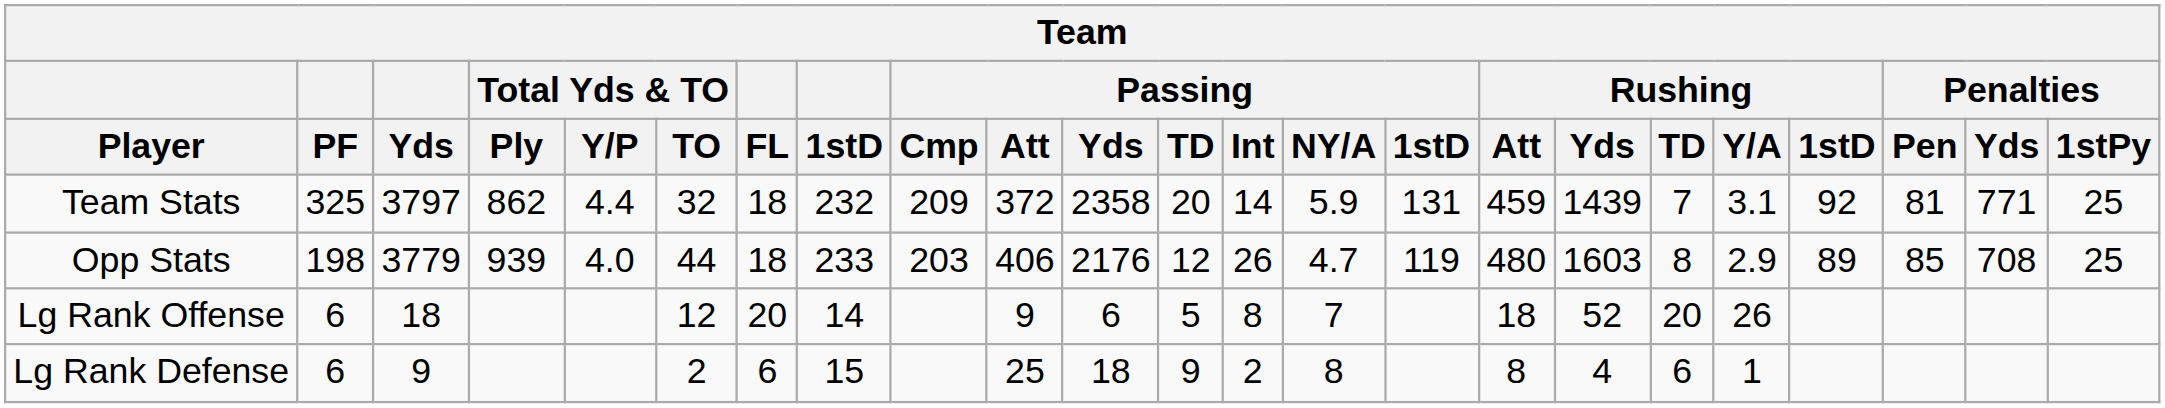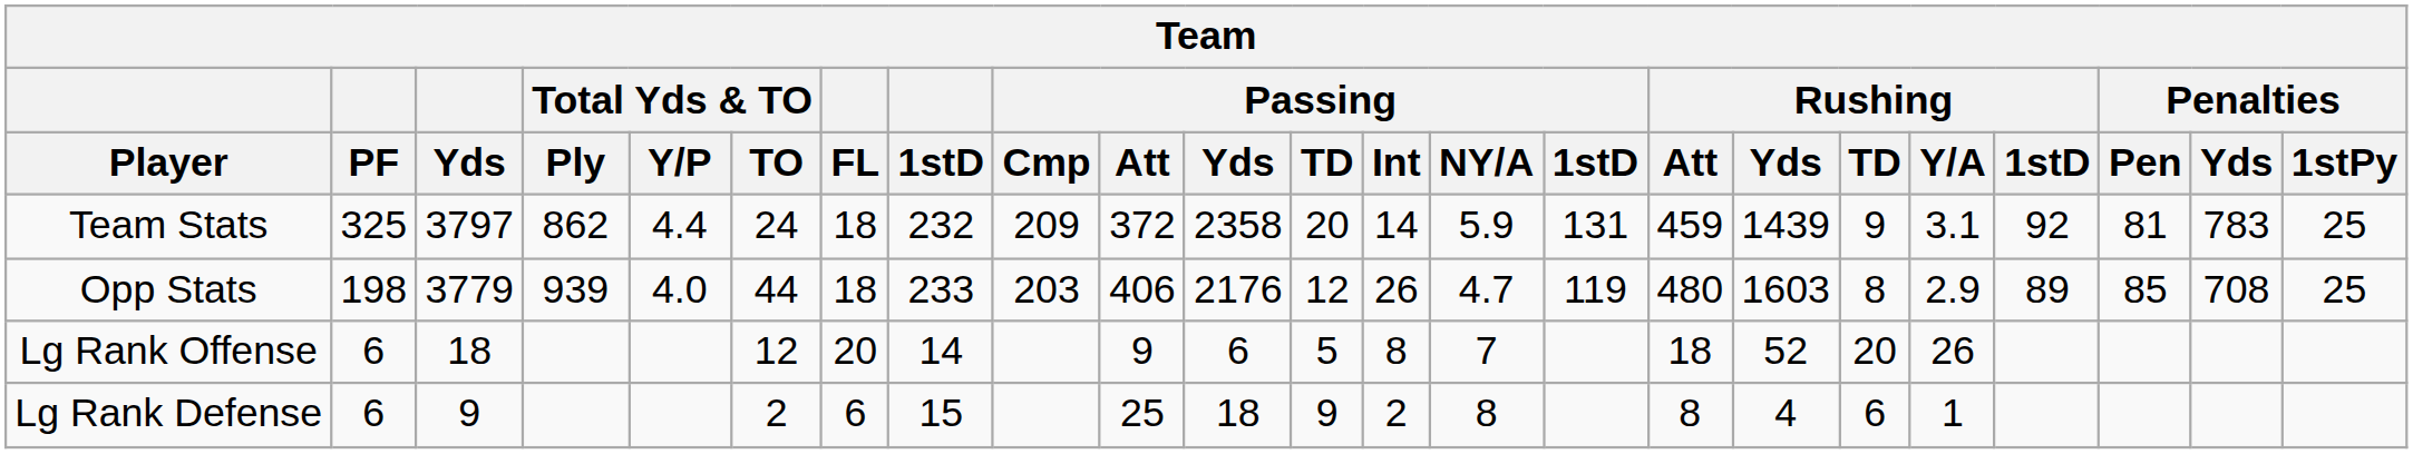 <table class="wikitable" style="text-align:center">
 <tr>
 <th colspan="23">Team</th>
 </tr>
 <tr>
 <th></th>
 <th></th>
 <th></th>
 <th colspan="3">Total Yds & TO</th>
 <th></th>
 <th></th>
 <th colspan="7">Passing</th>
 <th colspan="5">Rushing</th>
 <th colspan="3">Penalties</th>
 </tr>
 <tr>
 <th>Player</th>
 <th>PF</th>
 <th>Yds</th>
 <th>Ply</th>
 <th>Y/P</th>
 <th>TO</th>
 <th>FL</th>
 <th>1stD</th>
 <th>Cmp</th>
 <th>Att</th>
 <th>Yds</th>
 <th>TD</th>
 <th>Int</th>
 <th>NY/A</th>
 <th>1stD</th>
 <th>Att</th>
 <th>Yds</th>
 <th>TD</th>
 <th>Y/A</th>
 <th>1stD</th>
 <th>Pen</th>
 <th>Yds</th>
 <th>1stPy</th>
 </tr>
 <tr>
 <td>Team Stats</td>
 <td>325</td>
 <td>3797</td>
 <td>862</td>
 <td>4.4</td>
-<td>32</td>
+<td>24</td>
 <td>18</td>
 <td>232</td>
 <td>209</td>
 <td>372</td>
 <td>2358</td>
 <td>20</td>
 <td>14</td>
 <td>5.9</td>
 <td>131</td>
 <td>459</td>
 <td>1439</td>
-<td>7</td>
+<td>9</td>
 <td>3.1</td>
 <td>92</td>
 <td>81</td>
-<td>771</td>
+<td>783</td>
 <td>25</td>
 </tr>
 <tr>
 <td>Opp Stats</td>
 <td>198</td>
 <td>3779</td>
 <td>939</td>
 <td>4.0</td>
 <td>44</td>
 <td>18</td>
 <td>233</td>
 <td>203</td>
 <td>406</td>
 <td>2176</td>
 <td>12</td>
 <td>26</td>
 <td>4.7</td>
 <td>119</td>
 <td>480</td>
 <td>1603</td>
 <td>8</td>
 <td>2.9</td>
 <td>89</td>
 <td>85</td>
 <td>708</td>
 <td>25</td>
 </tr>
 <tr>
 <td>Lg Rank Offense</td>
 <td>6</td>
 <td>18</td>
 <td></td>
 <td></td>
 <td>12</td>
 <td>20</td>
 <td>14</td>
 <td></td>
 <td>9</td>
 <td>6</td>
 <td>5</td>
 <td>8</td>
 <td>7</td>
 <td></td>
 <td>18</td>
 <td>52</td>
 <td>20</td>
 <td>26</td>
 <td></td>
 <td></td>
 <td></td>
 <td></td>
 </tr>
 <tr>
 <td>Lg Rank Defense</td>
 <td>6</td>
 <td>9</td>
 <td></td>
 <td></td>
 <td>2</td>
 <td>6</td>
 <td>15</td>
 <td></td>
 <td>25</td>
 <td>18</td>
 <td>9</td>
 <td>2</td>
 <td>8</td>
 <td></td>
 <td>8</td>
 <td>4</td>
 <td>6</td>
 <td>1</td>
 <td></td>
 <td></td>
 <td></td>
 <td></td>
 </tr>
 </table>
